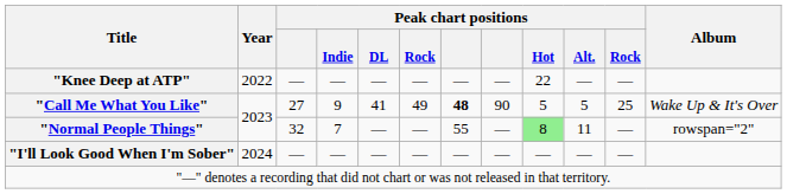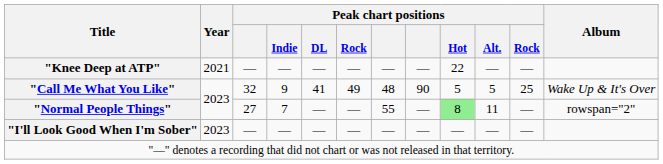 <table class="wikitable plainrowheaders" style="text-align:center;">
 <tr>
 <th scope="col" rowspan="2">Title</th>
 <th scope="col" rowspan="2">Year</th>
 <th scope="col" colspan="9">Peak chart positions</th>
 <th scope="col" rowspan="2">Album</th>
 </tr>
 <tr>
 <th scope="col" style="width:2.5em;font-size:90%;"><a href='#'></a><br></th>
 <th scope="col" style="width:2.5em;font-size:90%;"><a href='#'><br>Indie</a><br></th>
 <th scope="col" style="width:2.5em;font-size:90%;"><a href='#'><br>DL</a><br></th>
 <th scope="col" style="width:2.5em;font-size:90%;"><a href='#'><br>Rock</a><br></th>
 <th scope="col" style="width:2.5em;font-size:90%;"><a href='#'></a><br></th>
 <th scope="col" style="width:2.5em;font-size:90%;"><a href='#'></a><br></th>
 <th scope="col" style="width:2.5em;font-size:90%;"><a href='#'><br>Hot</a><br></th>
 <th scope="col" style="width:2.5em;font-size:90%;"><a href='#'><br>Alt.</a><br></th>
 <th scope="col" style="width:2.5em;font-size:90%;"><a href='#'><br>Rock</a><br></th>
 </tr>
 <tr>
 <th scope="row">"Knee Deep at ATP"<br></th>
-<td>2022</td>
+<td>2021</td>
 <td>—</td>
 <td>—</td>
 <td>—</td>
 <td>—</td>
 <td>—</td>
 <td>—</td>
 <td>22</td>
 <td>—</td>
 <td>—</td>
 <td></td>
 </tr>
 <tr>
 <th scope="row">"<a href='#'>Call Me What You Like</a>"</th>
 <td rowspan="2">2023</td>
-<td>27</td>
+<td>32</td>
 <td>9</td>
 <td>41</td>
 <td>49</td>
-<td><strong>48</strong></td>
+<td>48</td>
 <td>90</td>
 <td>5</td>
 <td>5</td>
 <td>25</td>
 <td><em>Wake Up & It's Over</em></td>
 </tr>
 <tr>
 <th scope="row">"<a href='#'>Normal People Things</a>"</th>
-<td>32</td>
+<td>27</td>
 <td>7</td>
 <td>—</td>
 <td>—</td>
 <td>55</td>
 <td>—</td>
 <td style="background: lightgreen;">8</td>
 <td>11</td>
 <td>—</td>
 <td>rowspan="2" </td>
 </tr>
 <tr>
 <th scope="row">"I'll Look Good When I'm Sober"</th>
-<td>2024</td>
+<td>2023</td>
 <td>—</td>
 <td>—</td>
 <td>—</td>
 <td>—</td>
 <td>—</td>
 <td>—</td>
 <td>—</td>
 <td>—</td>
 <td>—</td>
 </tr>
 <tr>
 <td colspan="12" style="font-size:90%">"—" denotes a recording that did not chart or was not released in that territory.</td>
 </tr>
 </table>
